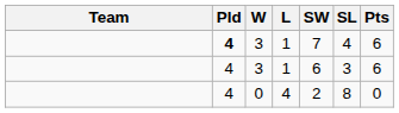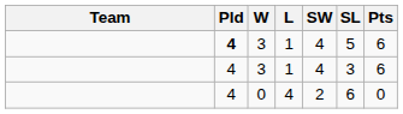 <table class=wikitable style="text-align:center">
 <tr>
 <th width=200>Team</th>
 <th width=20>Pld</th>
 <th width=20>W</th>
 <th width=20>L</th>
 <th width=20>SW</th>
 <th width=20>SL</th>
 <th width=20>Pts</th>
 </tr>
 <tr bgcolor=>
 <td align=left></td>
 <td><strong>4</strong></td>
 <td>3</td>
 <td>1</td>
-<td>7</td>
 <td>4</td>
+<td>5</td>
 <td>6</td>
 </tr>
 <tr bgcolor=>
 <td align=left></td>
 <td>4</td>
 <td>3</td>
 <td>1</td>
-<td>6</td>
+<td>4</td>
 <td>3</td>
 <td>6</td>
 </tr>
 <tr bgcolor=>
 <td align=left></td>
 <td>4</td>
 <td>0</td>
 <td>4</td>
 <td>2</td>
-<td>8</td>
+<td>6</td>
 <td>0</td>
 </tr>
 </table>
